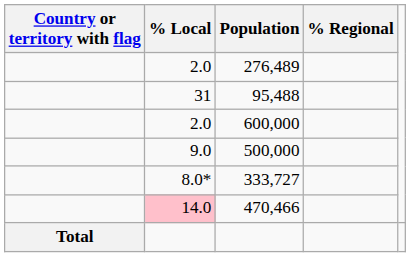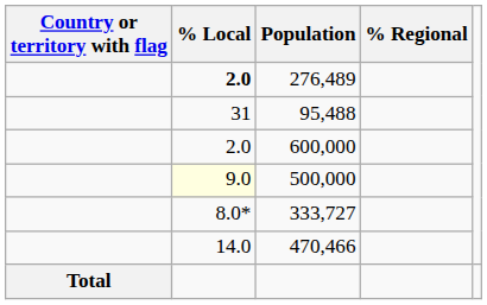 <table class="wikitable sortable" style="font-size:85%;">
 <tr style="background:#ececec;">
 <th><a href='#'>Country</a> or <br><a href='#'>territory</a> with <a href='#'>flag</a></th>
 <th>% Local</th>
 <th>Population</th>
 <th>% Regional</th>
 </tr>
 <tr>
 <td style="text-align:left;"></td>
-<td style="text-align:right;">2.0</td>
+<td style="text-align:right;"><strong>2.0</strong></td>
 <td style="text-align:right;">276,489</td>
 <td style="text-align:right;"></td>
 </tr>
 <tr>
 <td style="text-align:left;"></td>
 <td style="text-align:right;">31</td>
 <td style="text-align:right;">95,488</td>
 <td style="text-align:right;"></td>
 </tr>
 <tr>
 <td style="text-align:left;"></td>
 <td style="text-align:right;">2.0</td>
 <td style="text-align:right;">600,000</td>
 <td style="text-align:right;"></td>
 </tr>
 <tr>
 <td style="text-align:left;"></td>
-<td style="text-align:right;">9.0</td>
+<td style="background: lightyellow; text-align:right;">9.0</td>
 <td style="text-align:right;">500,000</td>
 <td style="text-align:right;"></td>
 </tr>
 <tr>
 <td style="text-align:left;"></td>
 <td style="text-align:right;">8.0*</td>
 <td style="text-align:right;">333,727</td>
 <td style="text-align:right;"></td>
 </tr>
 <tr>
 <td style="text-align:left;"></td>
-<td style="background: pink; text-align:right;">14.0</td>
+<td style="text-align:right;">14.0</td>
 <td style="text-align:right;">470,466</td>
 <td style="text-align:right;"></td>
 </tr>
 <tr class="sortbottom">
 <th>Total</th>
 <td style="text-align:right;"></td>
 <td style="text-align:right;"></td>
 <td style="text-align:right;"></td>
 <td></td>
 </tr>
 </table>
